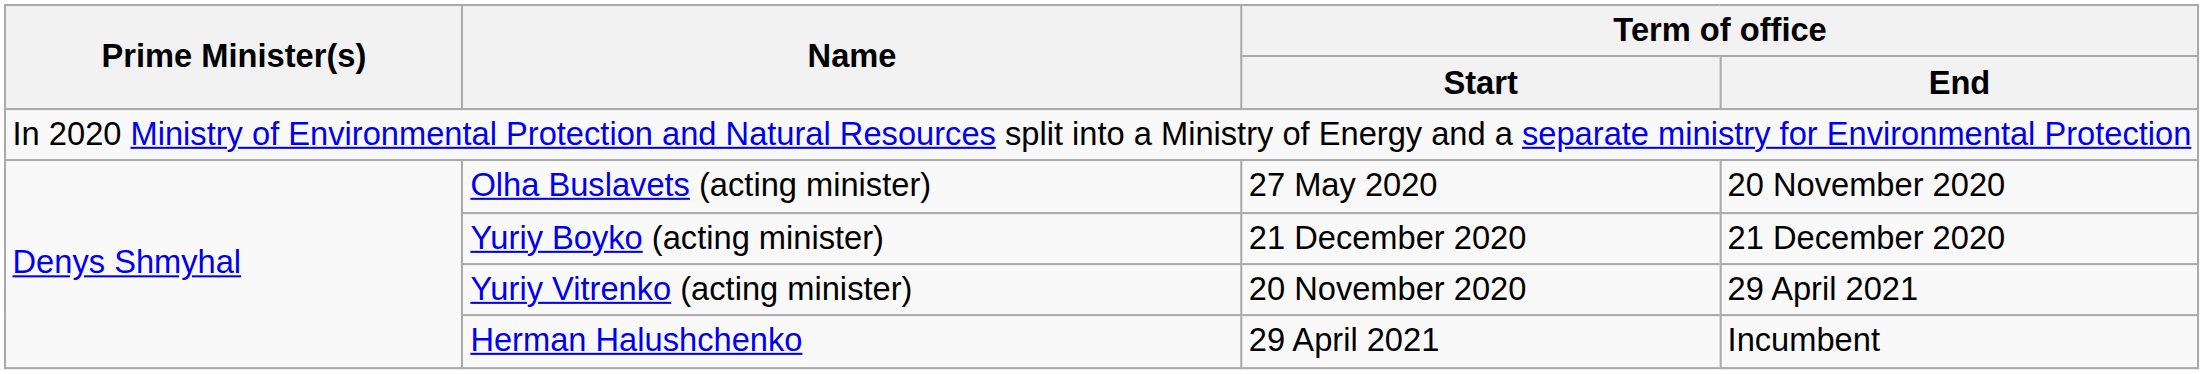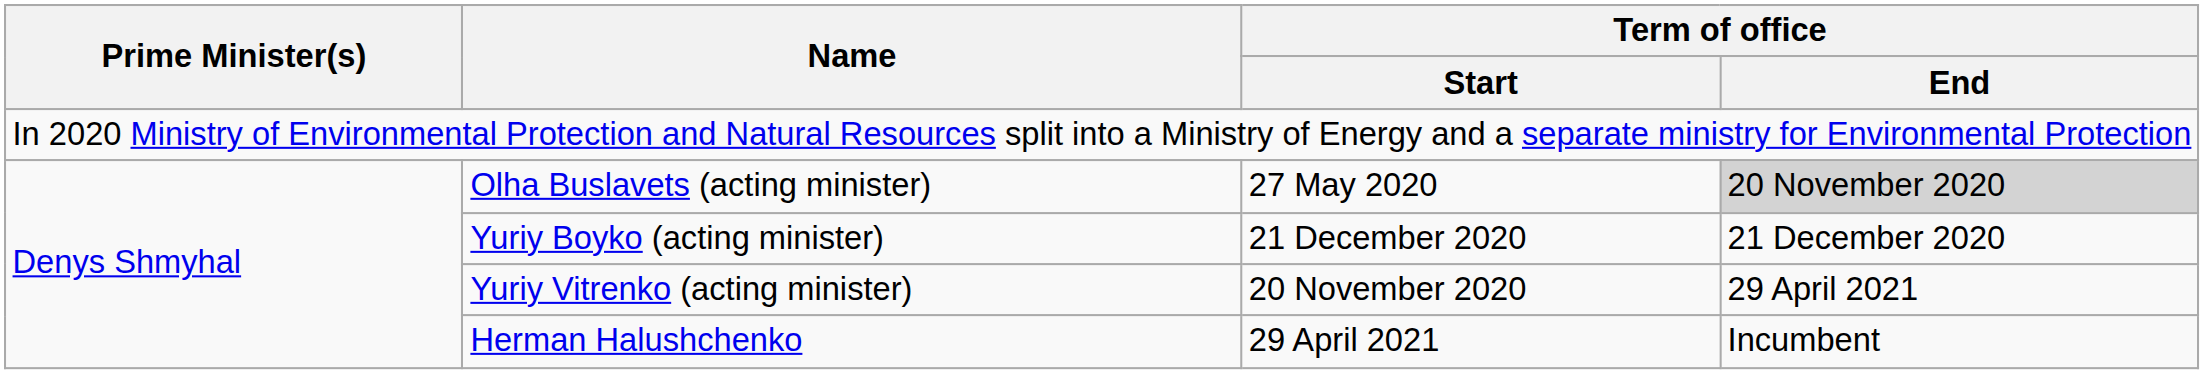 <table class="wikitable">
 <tr>
 <th rowspan="2">Prime Minister(s)</th>
 <th rowspan="2">Name</th>
 <th colspan="2">Term of office</th>
 </tr>
 <tr>
 <th>Start</th>
 <th>End</th>
 </tr>
 <tr>
 <td align=center colspan=4>In 2020 <a href='#'>Ministry of Environmental Protection and Natural Resources</a> split into a Ministry of Energy and a <a href='#'>separate ministry for Environmental Protection</a></td>
 </tr>
 <tr>
 <td rowspan=4><a href='#'>Denys Shmyhal</a></td>
 <td><a href='#'>Olha Buslavets</a> (acting minister)</td>
 <td>27 May 2020</td>
-<td>20 November 2020</td>
+<td style="background: lightgrey;">20 November 2020</td>
 </tr>
 <tr>
 <td><a href='#'>Yuriy Boyko</a> (acting minister)</td>
 <td>21 December 2020</td>
 <td>21 December 2020</td>
 </tr>
 <tr>
 <td><a href='#'>Yuriy Vitrenko</a> (acting minister)</td>
 <td>20 November 2020</td>
 <td>29 April 2021</td>
 </tr>
 <tr>
 <td><a href='#'>Herman Halushchenko</a></td>
 <td>29 April 2021</td>
 <td>Incumbent</td>
 </tr>
 </table>
